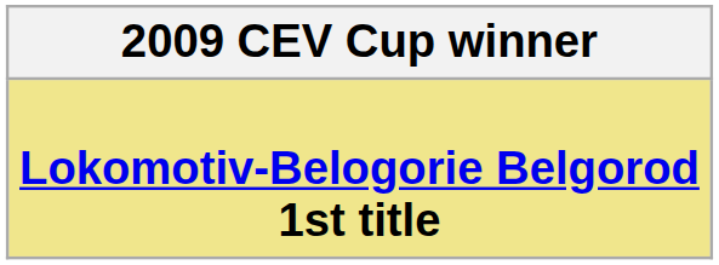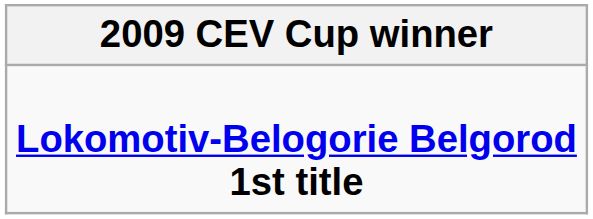 <table class=wikitable style="text-align:center; margin:auto">
 <tr>
 <th>2009 CEV Cup winner</th>
 </tr>
 <tr>
-<td style="background: khaki;"><br><strong><a href='#'>Lokomotiv-Belogorie Belgorod</a></strong><br> <strong>1st title</strong></td>
+<td><br><strong><a href='#'>Lokomotiv-Belogorie Belgorod</a></strong><br> <strong>1st title</strong></td>
 </tr>
 </table>
